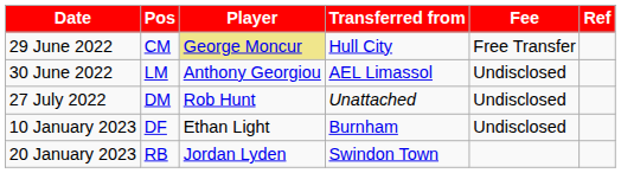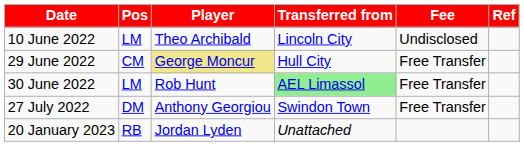 <table class="wikitable plainrowheaders sortable">
 <tr>
 <th style="background:#FF0000; color:#FFFFFF; ">Date</th>
 <th style="background:#FF0000; color:#FFFFFF; ">Pos</th>
 <th style="background:#FF0000; color:#FFFFFF; ">Player</th>
 <th style="background:#FF0000; color:#FFFFFF; ">Transferred from</th>
 <th style="background:#FF0000; color:#FFFFFF; ">Fee</th>
 <th style="background:#FF0000; color:#FFFFFF; ">Ref</th>
+</tr>
+<tr>
+<td>10 June 2022</td>
+<td><a href='#'>LM</a></td>
+<td> <a href='#'>Theo Archibald</a></td>
+<td> <a href='#'>Lincoln City</a></td>
+<td>Undisclosed</td>
+<td></td>
 </tr>
 <tr>
 <td>29 June 2022</td>
 <td><a href='#'>CM</a></td>
 <td style="background: khaki;"> <a href='#'>George Moncur</a></td>
 <td> <a href='#'>Hull City</a></td>
 <td>Free Transfer</td>
 <td></td>
 </tr>
 <tr>
 <td>30 June 2022</td>
 <td><a href='#'>LM</a></td>
-<td> <a href='#'>Anthony Georgiou</a></td>
-<td> <a href='#'>AEL Limassol</a></td>
-<td>Undisclosed</td>
+<td> <a href='#'>Rob Hunt</a></td>
+<td style="background: lightgreen;"> <a href='#'>AEL Limassol</a></td>
+<td>Free Transfer</td>
 <td></td>
 </tr>
 <tr>
 <td>27 July 2022</td>
 <td><a href='#'>DM</a></td>
-<td> <a href='#'>Rob Hunt</a></td>
-<td> <em>Unattached</em></td>
-<td>Undisclosed</td>
-<td></td>
-</tr>
-<tr>
-<td>10 January 2023</td>
-<td><a href='#'>DF</a></td>
-<td> Ethan Light</td>
-<td> <a href='#'>Burnham</a></td>
-<td>Undisclosed</td>
+<td> <a href='#'>Anthony Georgiou</a></td>
+<td> <a href='#'>Swindon Town</a></td>
+<td>Free Transfer</td>
 <td></td>
 </tr>
 <tr>
 <td>20 January 2023</td>
 <td><a href='#'>RB</a></td>
 <td> <a href='#'>Jordan Lyden</a></td>
-<td> <a href='#'>Swindon Town</a></td>
+<td> <em>Unattached</em></td>
 <td></td>
 <td></td>
 </tr>
 </table>
